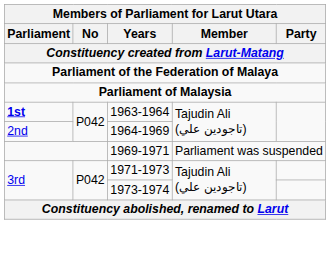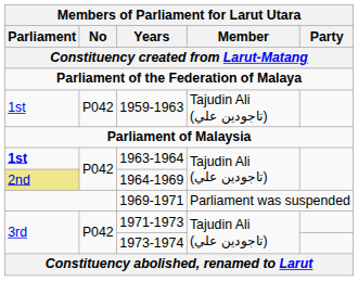 <table class=wikitable>
 <tr>
 <th colspan="5">Members of Parliament for Larut Utara</th>
 </tr>
 <tr>
 <th>Parliament</th>
 <th>No</th>
 <th>Years</th>
 <th>Member</th>
 <th>Party</th>
 </tr>
 <tr>
 <th colspan="5" align="center"><em>Constituency created from <a href='#'>Larut-Matang</a></em></th>
 </tr>
 <tr>
 <td colspan="5" align="center"><strong>Parliament of the Federation of Malaya</strong></td>
 </tr>
 <tr>
+<td><a href='#'>1st</a></td>
+<td>P042</td>
+<td>1959-1963</td>
+<td>Tajudin Ali  <br>(تاجودين علي)</td>
+<td></td>
+</tr>
+<tr>
 <td colspan="5" align="center"><strong>Parliament of Malaysia</strong></td>
 </tr>
 <tr>
 <td><strong><a href='#'>1st</a></strong></td>
 <td rowspan="2">P042</td>
 <td>1963-1964</td>
 <td rowspan=2>Tajudin Ali  <br>(تاجودين علي)</td>
 <td rowspan=2></td>
 </tr>
 <tr>
-<td><a href='#'>2nd</a></td>
+<td style="background: khaki;"><a href='#'>2nd</a></td>
 <td>1964-1969</td>
 </tr>
 <tr>
 <td colspan="2"></td>
 <td>1969-1971</td>
 <td colspan=2 align=center>Parliament was suspended</td>
 </tr>
 <tr>
 <td rowspan=2><a href='#'>3rd</a></td>
 <td rowspan="2">P042</td>
 <td>1971-1973</td>
 <td rowspan=2>Tajudin Ali  <br>(تاجودين علي)</td>
 <td></td>
 </tr>
 <tr>
 <td>1973-1974</td>
 <td></td>
 </tr>
 <tr>
 <th colspan="5" align="center"><em>Constituency abolished, renamed to <a href='#'>Larut</a></em></th>
 </tr>
 </table>
